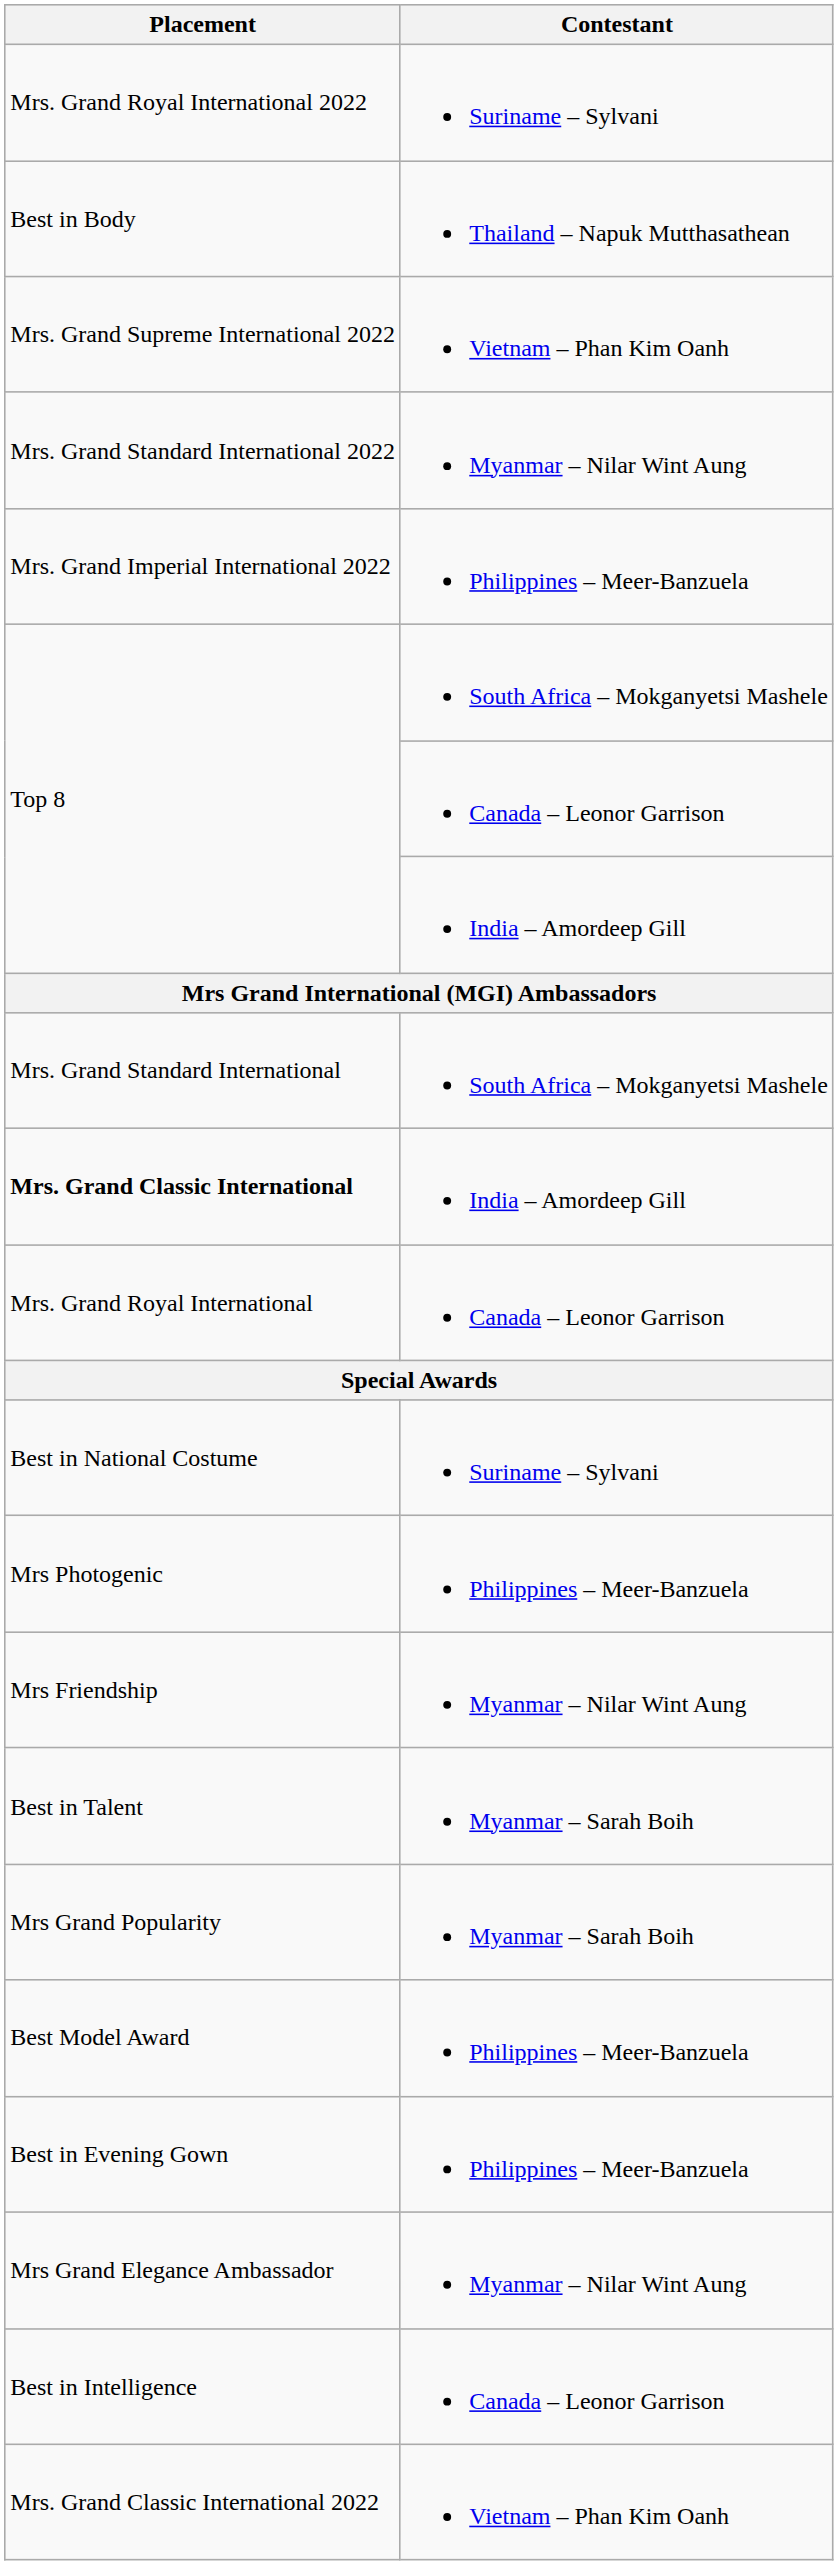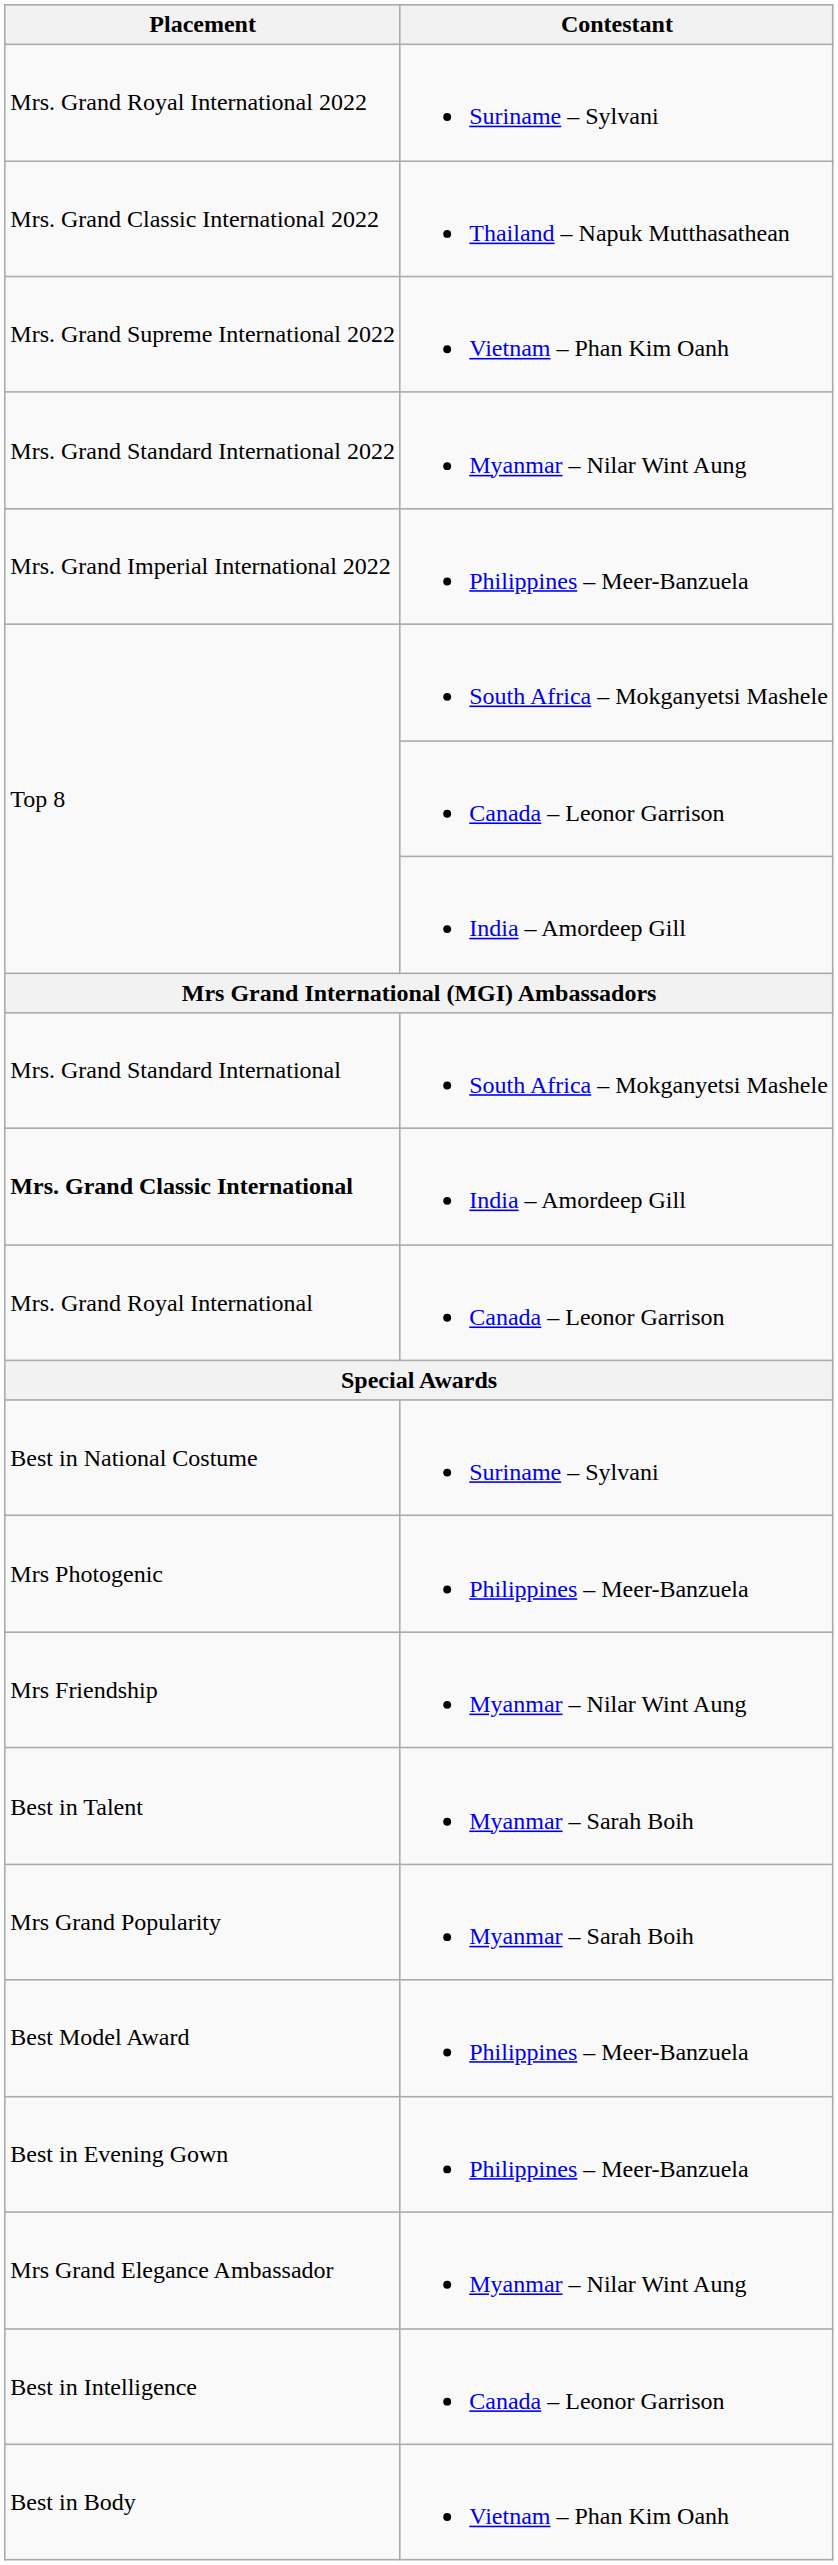 <table class="wikitable" style="font-size: 95%;">
 <tr>
 <th>Placement</th>
 <th>Contestant</th>
 </tr>
 <tr>
 <td>Mrs. Grand Royal International 2022</td>
 <td><br><ul><li> <a href='#'>Suriname</a> – Sylvani</li></ul></td>
 </tr>
 <tr>
-<td>Best in Body</td>
+<td>Mrs. Grand Classic International 2022</td>
 <td><br><ul><li> <a href='#'>Thailand</a> – Napuk Mutthasathean</li></ul></td>
 </tr>
 <tr>
 <td>Mrs. Grand Supreme International 2022</td>
 <td><br><ul><li> <a href='#'>Vietnam</a> – Phan Kim Oanh</li></ul></td>
 </tr>
 <tr>
 <td>Mrs. Grand Standard International 2022</td>
 <td><br><ul><li> <a href='#'>Myanmar</a> – Nilar Wint Aung</li></ul></td>
 </tr>
 <tr>
 <td>Mrs. Grand Imperial International 2022</td>
 <td><br><ul><li> <a href='#'>Philippines</a> – Meer-Banzuela</li></ul></td>
 </tr>
 <tr>
 <td rowspan="3">Top 8</td>
 <td><br><ul><li> <a href='#'>South Africa</a> – Mokganyetsi Mashele</li></ul></td>
 </tr>
 <tr>
 <td><br><ul><li> <a href='#'>Canada</a> – Leonor Garrison</li></ul></td>
 </tr>
 <tr>
 <td><br><ul><li> <a href='#'>India</a> – Amordeep Gill</li></ul></td>
 </tr>
 <tr>
 <th colspan="2">Mrs Grand International (MGI) Ambassadors</th>
 </tr>
 <tr>
 <td>Mrs. Grand Standard International</td>
 <td><br><ul><li> <a href='#'>South Africa</a> – Mokganyetsi Mashele</li></ul></td>
 </tr>
 <tr>
 <td><strong>Mrs. Grand Classic International</strong></td>
 <td><br><ul><li> <a href='#'>India</a> – Amordeep Gill</li></ul></td>
 </tr>
 <tr>
 <td>Mrs. Grand Royal International</td>
 <td><br><ul><li> <a href='#'>Canada</a> – Leonor Garrison</li></ul></td>
 </tr>
 <tr>
 <th colspan="2"><strong>Special Awards</strong></th>
 </tr>
 <tr>
 <td>Best in National Costume</td>
 <td><br><ul><li> <a href='#'>Suriname</a> – Sylvani</li></ul></td>
 </tr>
 <tr>
 <td>Mrs Photogenic</td>
 <td><br><ul><li> <a href='#'>Philippines</a> – Meer-Banzuela</li></ul></td>
 </tr>
 <tr>
 <td>Mrs Friendship</td>
 <td><br><ul><li> <a href='#'>Myanmar</a> – Nilar Wint Aung</li></ul></td>
 </tr>
 <tr>
 <td>Best in Talent</td>
 <td><br><ul><li> <a href='#'>Myanmar</a> – Sarah Boih</li></ul></td>
 </tr>
 <tr>
 <td>Mrs Grand Popularity</td>
 <td><br><ul><li> <a href='#'>Myanmar</a> – Sarah Boih</li></ul></td>
 </tr>
 <tr>
 <td>Best Model Award</td>
 <td><br><ul><li> <a href='#'>Philippines</a> – Meer-Banzuela</li></ul></td>
 </tr>
 <tr>
 <td>Best in Evening Gown</td>
 <td><br><ul><li> <a href='#'>Philippines</a> – Meer-Banzuela</li></ul></td>
 </tr>
 <tr>
 <td>Mrs Grand Elegance Ambassador</td>
 <td><br><ul><li> <a href='#'>Myanmar</a> – Nilar Wint Aung</li></ul></td>
 </tr>
 <tr>
 <td>Best in Intelligence</td>
 <td><br><ul><li> <a href='#'>Canada</a> – Leonor Garrison</li></ul></td>
 </tr>
 <tr>
-<td>Mrs. Grand Classic International 2022</td>
+<td>Best in Body</td>
 <td><br><ul><li> <a href='#'>Vietnam</a> – Phan Kim Oanh</li></ul></td>
 </tr>
 </table>
